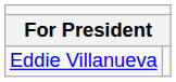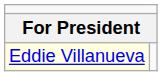 <table class=wikitable style="font-size:90%">
 <tr>
 <td colspan=4 bgcolor=></td>
 </tr>
 <tr>
 <th colspan=5>For President</th>
 </tr>
 <tr>
-<td><a href='#'>Eddie Villanueva</a></td>
+<td style="background: lightyellow;"><a href='#'>Eddie Villanueva</a></td>
 <td></td>
 </tr>
 </table>
